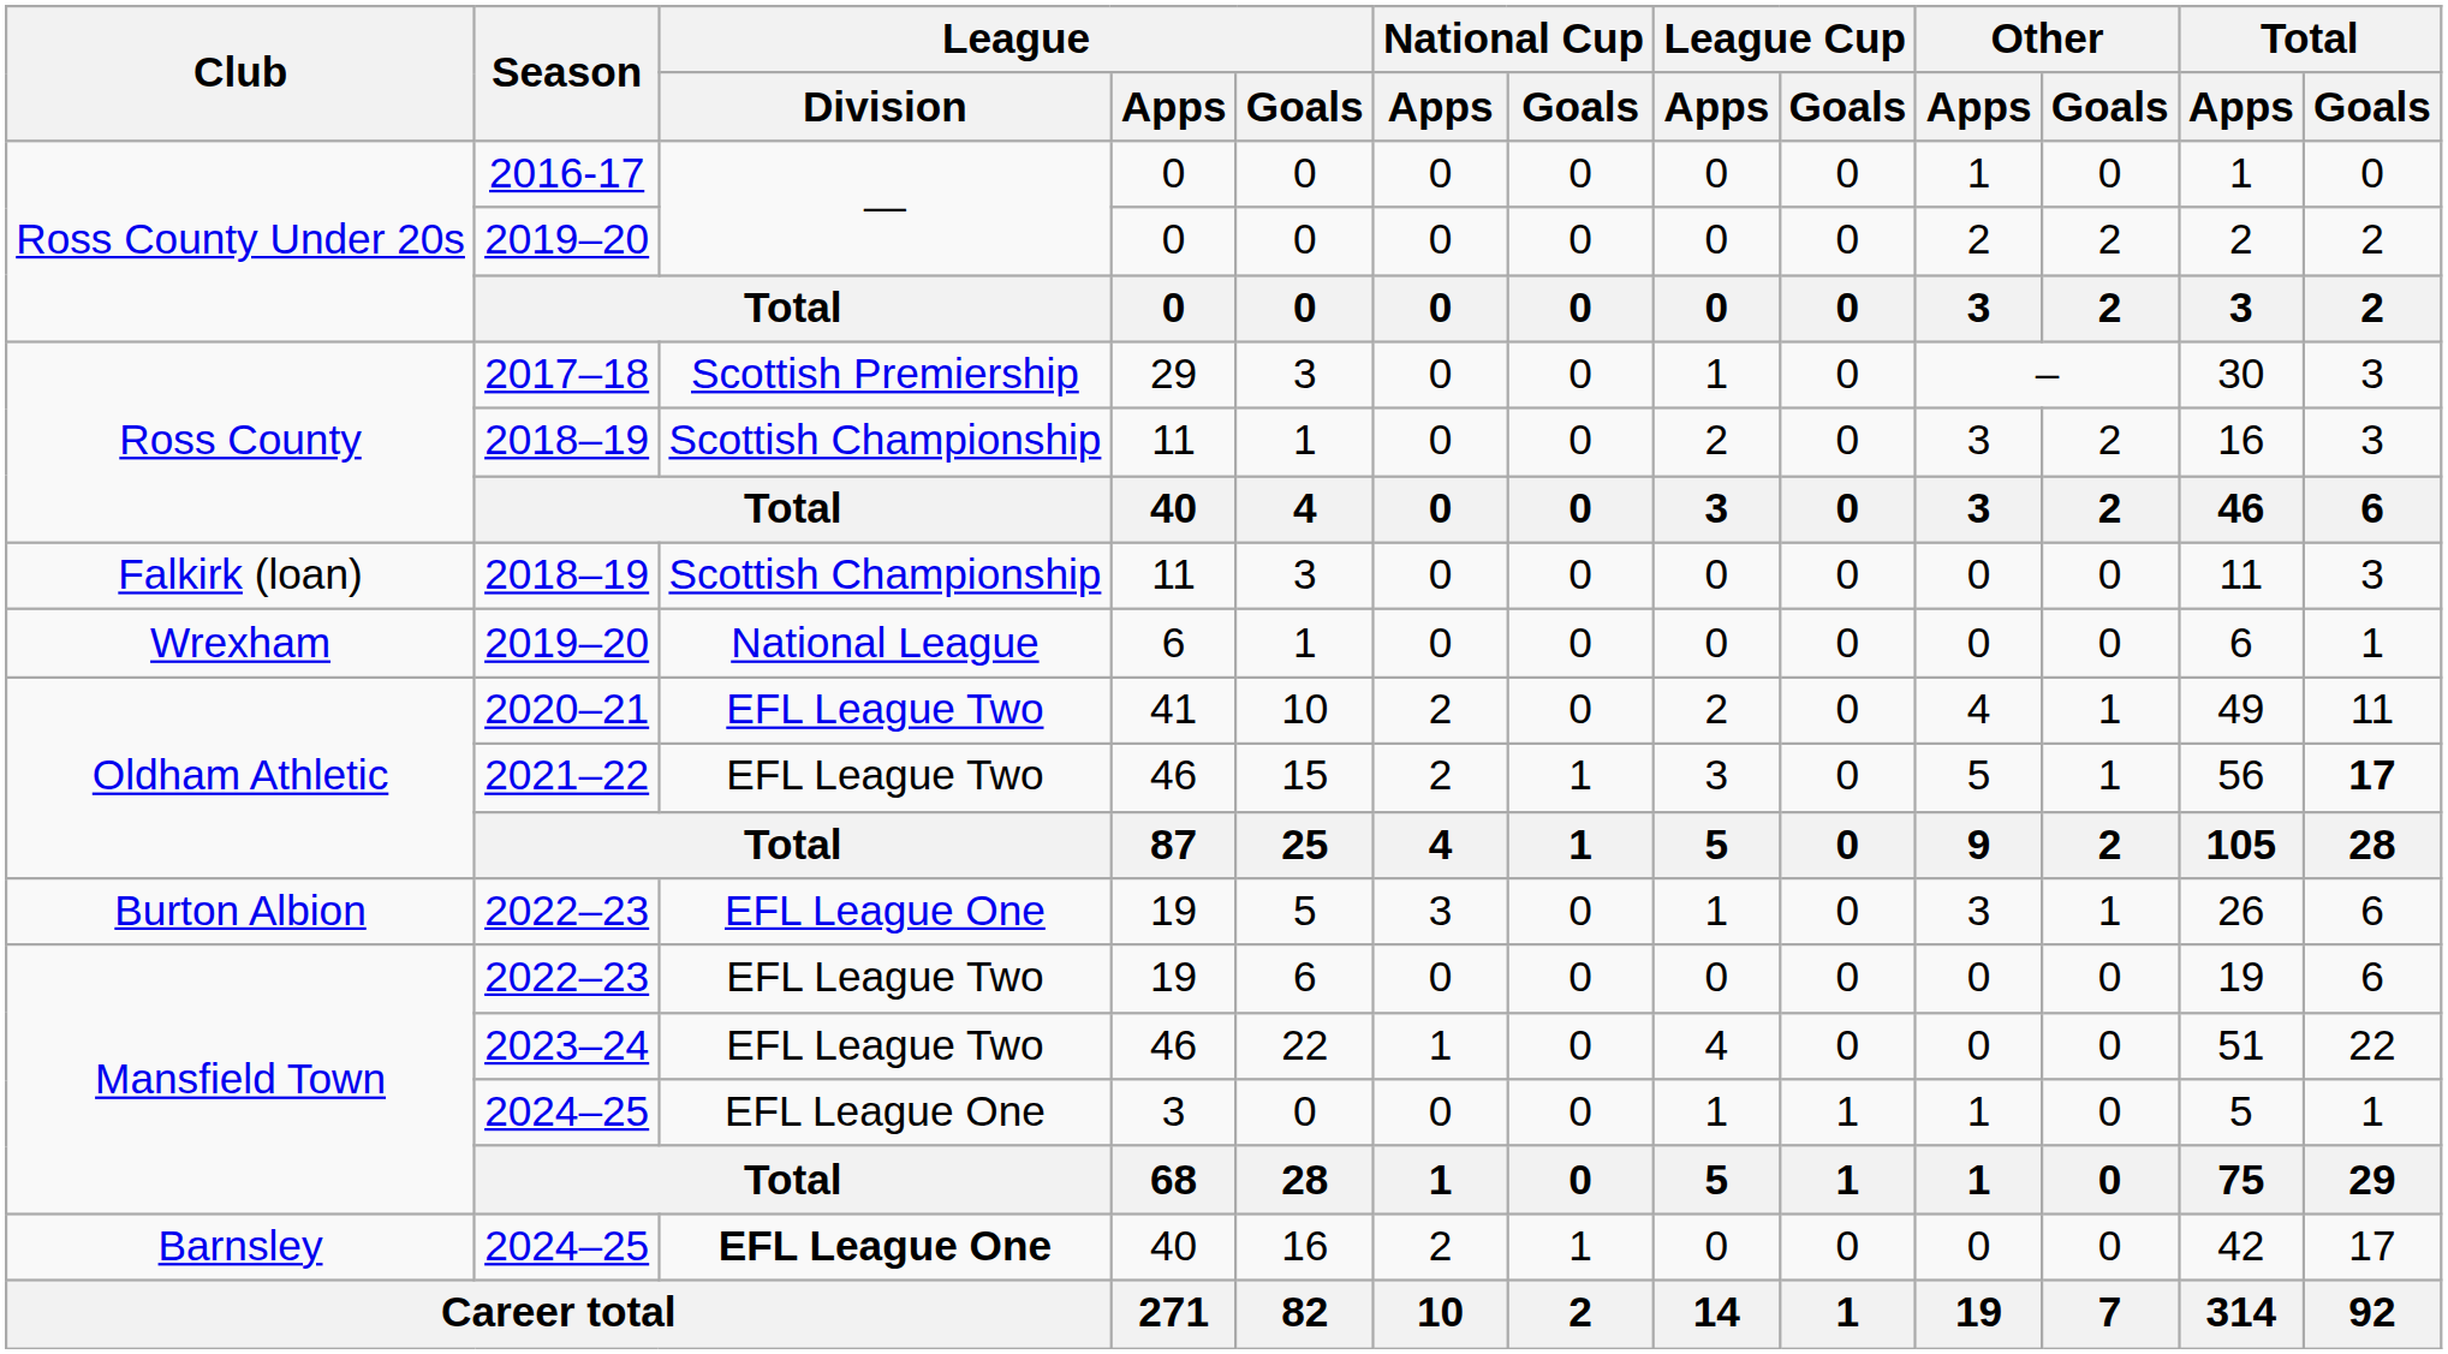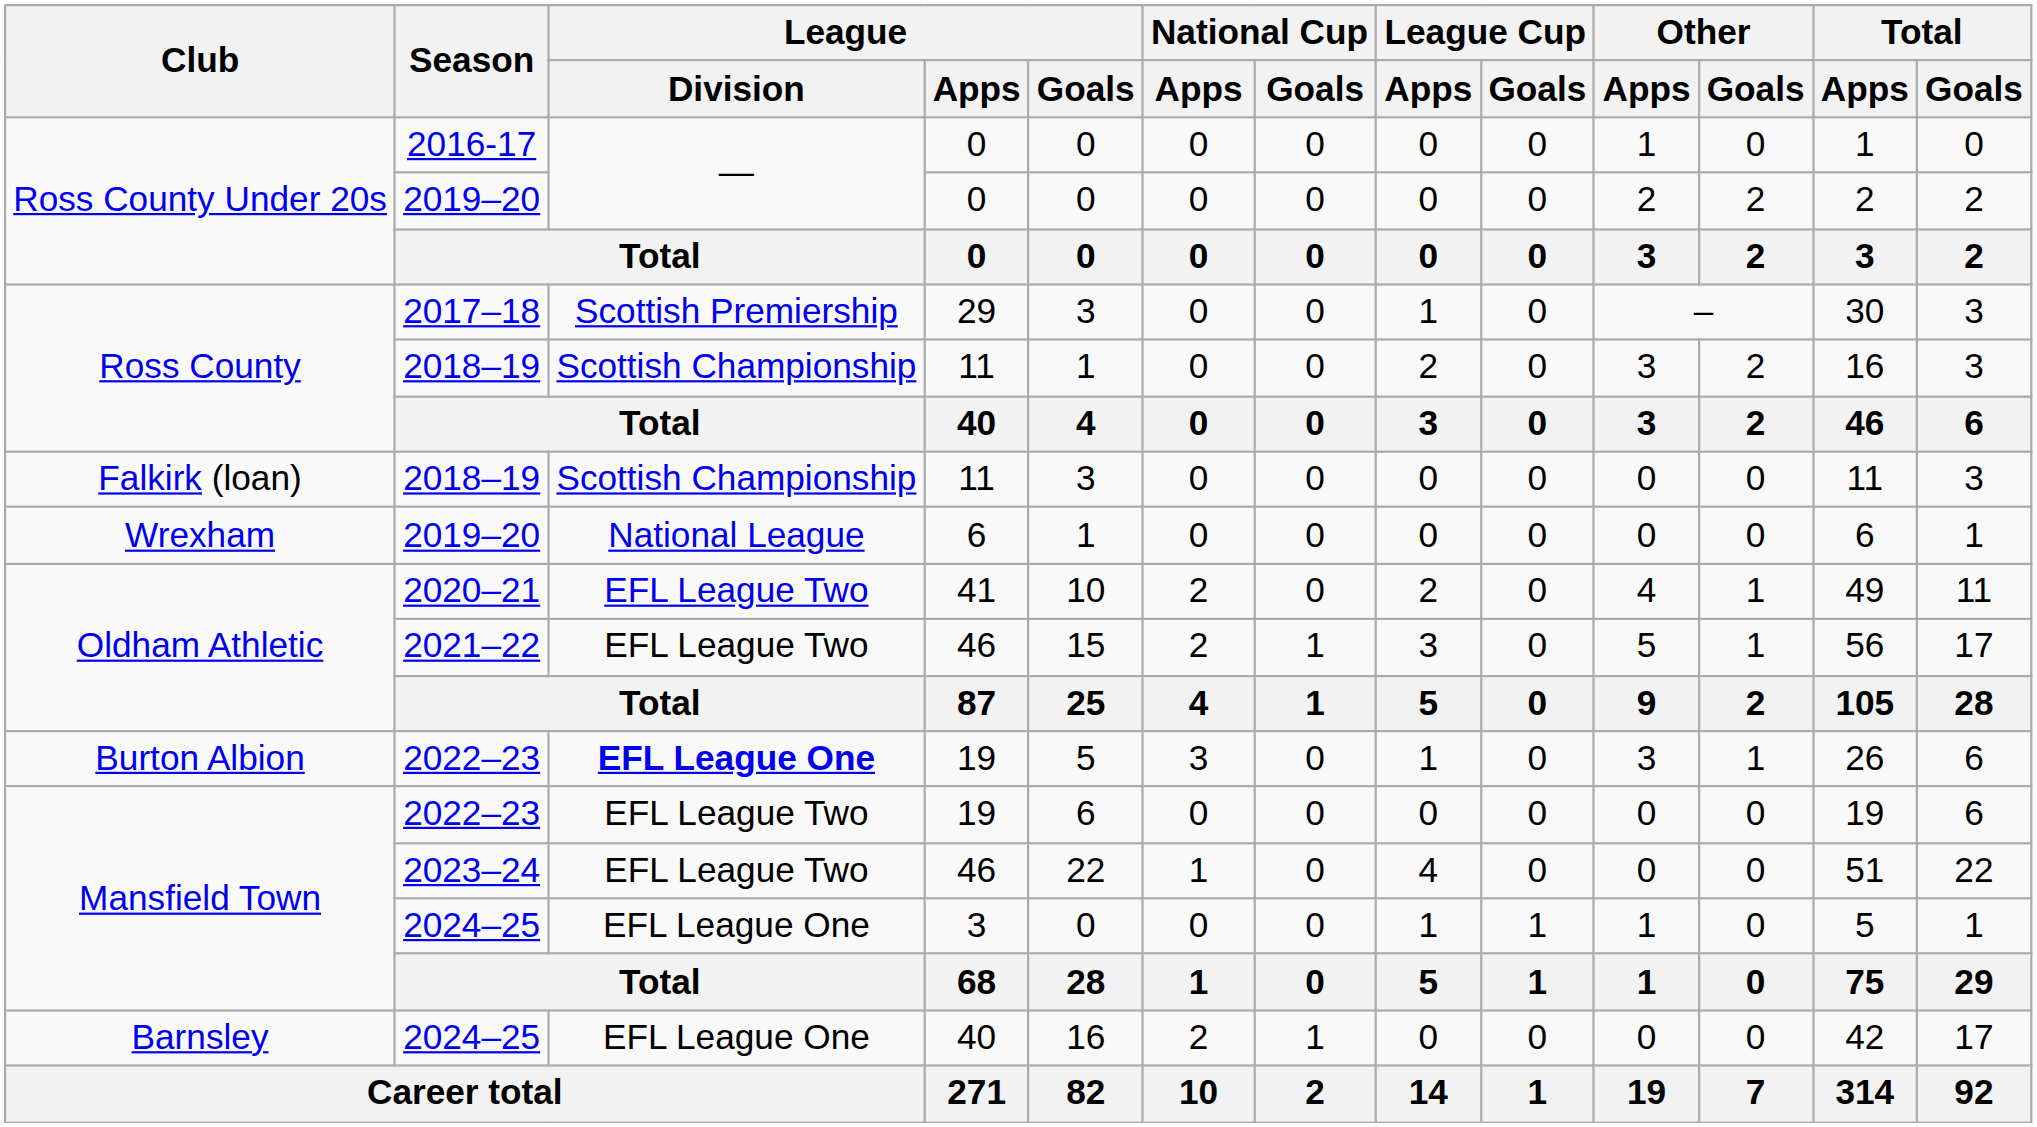 <table class="wikitable" style="text-align: center">
 <tr>
 <th rowspan="2">Club</th>
 <th rowspan="2">Season</th>
 <th colspan="3">League</th>
 <th colspan="2">National Cup</th>
 <th colspan="2">League Cup</th>
 <th colspan="2">Other</th>
 <th colspan="2">Total</th>
 </tr>
 <tr>
 <th>Division</th>
 <th>Apps</th>
 <th>Goals</th>
 <th>Apps</th>
 <th>Goals</th>
 <th>Apps</th>
 <th>Goals</th>
 <th>Apps</th>
 <th>Goals</th>
 <th>Apps</th>
 <th>Goals</th>
 </tr>
 <tr>
 <td rowspan=3><a href='#'>Ross County Under 20s</a></td>
 <td><a href='#'>2016-17</a></td>
 <td rowspan=2>—</td>
 <td>0</td>
 <td>0</td>
 <td>0</td>
 <td>0</td>
 <td>0</td>
 <td>0</td>
 <td>1</td>
 <td>0</td>
 <td>1</td>
 <td>0</td>
 </tr>
 <tr>
 <td><a href='#'>2019–20</a></td>
 <td>0</td>
 <td>0</td>
 <td>0</td>
 <td>0</td>
 <td>0</td>
 <td>0</td>
 <td>2</td>
 <td>2</td>
 <td>2</td>
 <td>2</td>
 </tr>
 <tr>
 <th colspan="2">Total</th>
 <th>0</th>
 <th>0</th>
 <th>0</th>
 <th>0</th>
 <th>0</th>
 <th>0</th>
 <th>3</th>
 <th>2</th>
 <th>3</th>
 <th>2</th>
 </tr>
 <tr>
 <td rowspan="3"><a href='#'>Ross County</a></td>
 <td><a href='#'>2017–18</a></td>
 <td><a href='#'>Scottish Premiership</a></td>
 <td>29</td>
 <td>3</td>
 <td>0</td>
 <td>0</td>
 <td>1</td>
 <td>0</td>
 <td colspan="2">–</td>
 <td>30</td>
 <td>3</td>
 </tr>
 <tr>
 <td><a href='#'>2018–19</a></td>
 <td><a href='#'>Scottish Championship</a></td>
 <td>11</td>
 <td>1</td>
 <td>0</td>
 <td>0</td>
 <td>2</td>
 <td>0</td>
 <td>3</td>
 <td>2</td>
 <td>16</td>
 <td>3</td>
 </tr>
 <tr>
 <th colspan="2">Total</th>
 <th>40</th>
 <th>4</th>
 <th>0</th>
 <th>0</th>
 <th>3</th>
 <th>0</th>
 <th>3</th>
 <th>2</th>
 <th>46</th>
 <th>6</th>
 </tr>
 <tr>
 <td><a href='#'>Falkirk</a> (loan)</td>
 <td><a href='#'>2018–19</a></td>
 <td><a href='#'>Scottish Championship</a></td>
 <td>11</td>
 <td>3</td>
 <td>0</td>
 <td>0</td>
 <td>0</td>
 <td>0</td>
 <td>0</td>
 <td>0</td>
 <td>11</td>
 <td>3</td>
 </tr>
 <tr>
 <td><a href='#'>Wrexham</a></td>
 <td><a href='#'>2019–20</a></td>
 <td><a href='#'>National League</a></td>
 <td>6</td>
 <td>1</td>
 <td>0</td>
 <td>0</td>
 <td>0</td>
 <td>0</td>
 <td>0</td>
 <td>0</td>
 <td>6</td>
 <td>1</td>
 </tr>
 <tr>
 <td rowspan="3"><a href='#'>Oldham Athletic</a></td>
 <td><a href='#'>2020–21</a></td>
 <td><a href='#'>EFL League Two</a></td>
 <td>41</td>
 <td>10</td>
 <td>2</td>
 <td>0</td>
 <td>2</td>
 <td>0</td>
 <td>4</td>
 <td>1</td>
 <td>49</td>
 <td>11</td>
 </tr>
 <tr>
 <td><a href='#'>2021–22</a></td>
 <td>EFL League Two</td>
 <td>46</td>
 <td>15</td>
 <td>2</td>
 <td>1</td>
 <td>3</td>
 <td>0</td>
 <td>5</td>
 <td>1</td>
 <td>56</td>
-<td><strong>17</strong></td>
+<td>17</td>
 </tr>
 <tr>
 <th colspan="2">Total</th>
 <th>87</th>
 <th>25</th>
 <th>4</th>
 <th>1</th>
 <th>5</th>
 <th>0</th>
 <th>9</th>
 <th>2</th>
 <th>105</th>
 <th>28</th>
 </tr>
 <tr>
 <td><a href='#'>Burton Albion</a></td>
 <td><a href='#'>2022–23</a></td>
-<td><a href='#'>EFL League One</a></td>
+<td><strong><a href='#'>EFL League One</a></strong></td>
 <td>19</td>
 <td>5</td>
 <td>3</td>
 <td>0</td>
 <td>1</td>
 <td>0</td>
 <td>3</td>
 <td>1</td>
 <td>26</td>
 <td>6</td>
 </tr>
 <tr>
 <td rowspan="4"><a href='#'>Mansfield Town</a></td>
 <td><a href='#'>2022–23</a></td>
 <td>EFL League Two</td>
 <td>19</td>
 <td>6</td>
 <td>0</td>
 <td>0</td>
 <td>0</td>
 <td>0</td>
 <td>0</td>
 <td>0</td>
 <td>19</td>
 <td>6</td>
 </tr>
 <tr>
 <td><a href='#'>2023–24</a></td>
 <td>EFL League Two</td>
 <td>46</td>
 <td>22</td>
 <td>1</td>
 <td>0</td>
 <td>4</td>
 <td>0</td>
 <td>0</td>
 <td>0</td>
 <td>51</td>
 <td>22</td>
 </tr>
 <tr>
 <td><a href='#'>2024–25</a></td>
 <td>EFL League One</td>
 <td>3</td>
 <td>0</td>
 <td>0</td>
 <td>0</td>
 <td>1</td>
 <td>1</td>
 <td>1</td>
 <td>0</td>
 <td>5</td>
 <td>1</td>
 </tr>
 <tr>
 <th colspan="2">Total</th>
 <th>68</th>
 <th>28</th>
 <th>1</th>
 <th>0</th>
 <th>5</th>
 <th>1</th>
 <th>1</th>
 <th>0</th>
 <th>75</th>
 <th>29</th>
 </tr>
 <tr>
 <td><a href='#'>Barnsley</a></td>
 <td><a href='#'>2024–25</a></td>
-<td><strong>EFL League One</strong></td>
+<td>EFL League One</td>
 <td>40</td>
 <td>16</td>
 <td>2</td>
 <td>1</td>
 <td>0</td>
 <td>0</td>
 <td>0</td>
 <td>0</td>
 <td>42</td>
 <td>17</td>
 </tr>
 <tr>
 <th colspan="3">Career total</th>
 <th>271</th>
 <th>82</th>
 <th>10</th>
 <th>2</th>
 <th>14</th>
 <th>1</th>
 <th>19</th>
 <th>7</th>
 <th>314</th>
 <th>92</th>
 </tr>
 </table>
